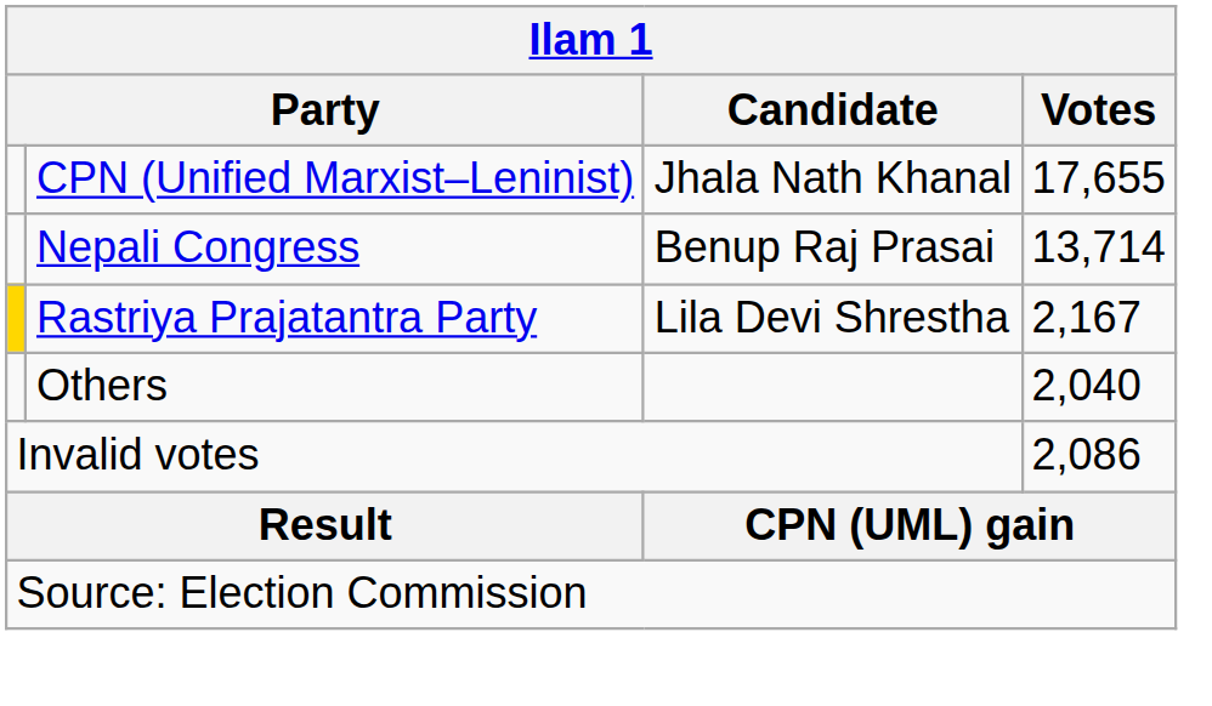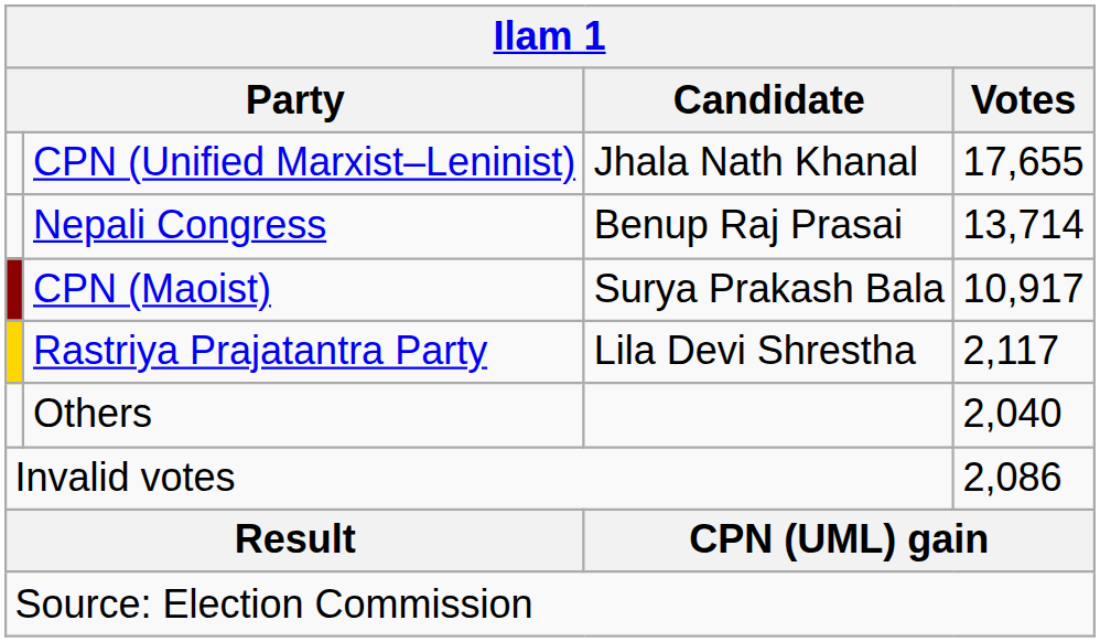 <table class="wikitable">
 <tr>
 <th colspan="4"><a href='#'>Ilam 1</a></th>
 </tr>
 <tr>
 <th colspan="2">Party</th>
 <th>Candidate</th>
 <th>Votes</th>
 </tr>
 <tr>
 <td style="background-color:"></td>
 <td><a href='#'>CPN (Unified Marxist–Leninist)</a></td>
 <td>Jhala Nath Khanal</td>
 <td>17,655</td>
 </tr>
 <tr>
 <td style="background-color:"></td>
 <td><a href='#'>Nepali Congress</a></td>
 <td>Benup Raj Prasai</td>
 <td>13,714</td>
 </tr>
 <tr>
+<td style="background-color:darkred"></td>
+<td><a href='#'>CPN (Maoist)</a></td>
+<td>Surya Prakash Bala</td>
+<td>10,917</td>
+</tr>
+<tr>
 <td style="background-color:gold"></td>
 <td><a href='#'>Rastriya Prajatantra Party</a></td>
 <td>Lila Devi Shrestha</td>
-<td>2,167</td>
+<td>2,117</td>
 </tr>
 <tr>
 <td></td>
 <td>Others</td>
 <td></td>
 <td>2,040</td>
 </tr>
 <tr>
 <td colspan="3">Invalid votes</td>
 <td>2,086</td>
 </tr>
 <tr>
 <th colspan="2">Result</th>
 <th colspan="2">CPN (UML) gain</th>
 </tr>
 <tr>
 <td colspan="4">Source: Election Commission</td>
 </tr>
 </table>
